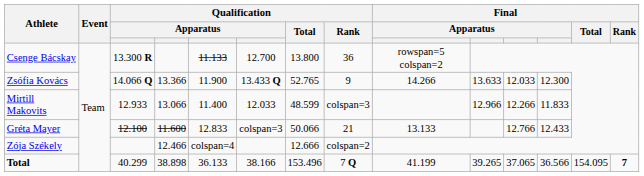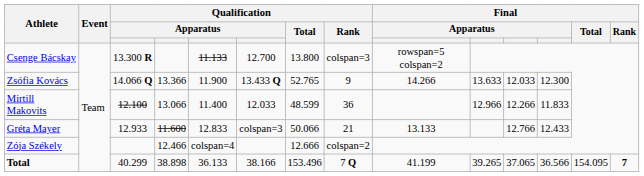 <table class="wikitable" style="font-size:90%">
 <tr>
 <th rowspan=3>Athlete</th>
 <th rowspan=3>Event</th>
 <th colspan=6>Qualification</th>
 <th colspan=6>Final</th>
 </tr>
 <tr style="font-size:95%">
 <th colspan=4>Apparatus</th>
 <th rowspan=2>Total</th>
 <th rowspan=2>Rank</th>
 <th colspan=4>Apparatus</th>
 <th rowspan=2>Total</th>
 <th rowspan=2>Rank</th>
 </tr>
 <tr style="font-size:95%">
 <th></th>
 <th></th>
 <th></th>
 <th></th>
 <th></th>
 <th></th>
 <th></th>
 <th></th>
 </tr>
 <tr align=center>
 <td align=left><a href='#'>Csenge Bácskay</a></td>
 <td align=left rowspan=6>Team</td>
 <td>13.300 <strong>R</strong></td>
 <td></td>
 <td><s>11.133</s></td>
 <td>12.700</td>
 <td>13.800</td>
-<td>36</td>
+<td>colspan=3 </td>
 <td>rowspan=5 colspan=2</td>
 </tr>
 <tr align=center>
 <td align=left><a href='#'>Zsófia Kovács</a></td>
 <td>14.066 <strong>Q</strong></td>
 <td>13.366</td>
 <td>11.900</td>
 <td>13.433 <strong>Q</strong></td>
 <td>52.765</td>
 <td>9</td>
 <td>14.266</td>
 <td>13.633</td>
 <td>12.033</td>
 <td>12.300</td>
 </tr>
 <tr align=center>
 <td align=left><a href='#'>Mirtill Makovits</a></td>
-<td>12.933</td>
+<td><s>12.100</s></td>
 <td>13.066</td>
 <td>11.400</td>
 <td>12.033</td>
 <td>48.599</td>
-<td>colspan=3 </td>
+<td>36</td>
 <td></td>
 <td>12.966</td>
 <td>12.266</td>
 <td>11.833</td>
 </tr>
 <tr align=center>
 <td align=left><a href='#'>Gréta Mayer</a></td>
-<td><s>12.100</s></td>
+<td>12.933</td>
 <td><s>11.600</s></td>
 <td>12.833</td>
 <td>colspan=3 </td>
 <td>50.066</td>
 <td>21</td>
 <td>13.133</td>
 <td></td>
 <td>12.766</td>
 <td>12.433</td>
 </tr>
 <tr align=center>
 <td align=left><a href='#'>Zója Székely</a></td>
 <td></td>
 <td>12.466</td>
 <td>colspan=4 </td>
 <td></td>
 <td>12.666</td>
 <td>colspan=2 </td>
 </tr>
 <tr align=center>
 <td align=left><strong>Total</strong></td>
 <td>40.299</td>
 <td>38.898</td>
 <td>36.133</td>
 <td>38.166</td>
 <td>153.496</td>
 <td>7 <strong>Q</strong></td>
 <td>41.199</td>
 <td>39.265</td>
 <td>37.065</td>
 <td>36.566</td>
 <td>154.095</td>
 <td><strong>7</strong></td>
 </tr>
 </table>
